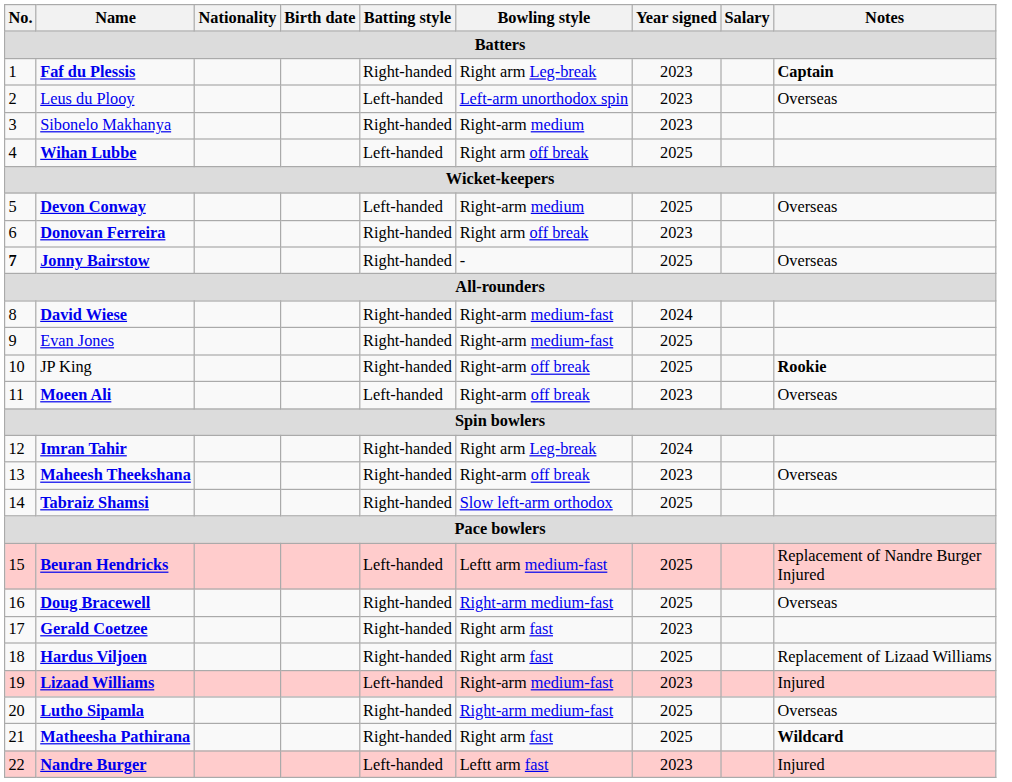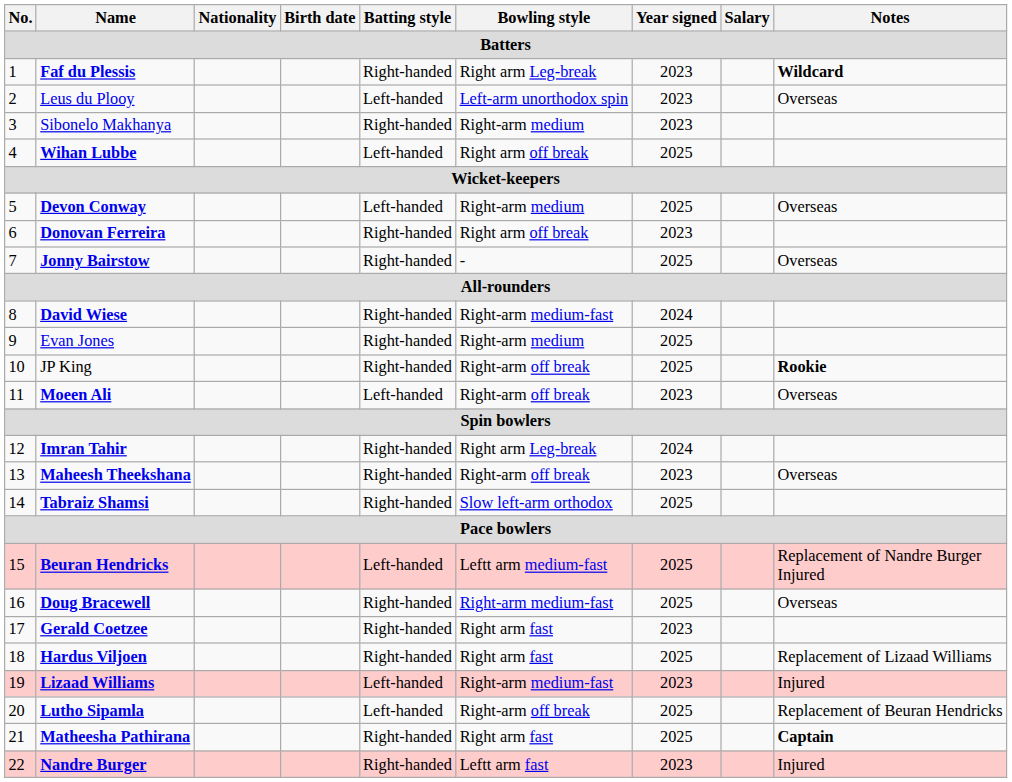 <table class="wikitable" style="font-size:85%">
 <tr>
 <th>No.</th>
 <th>Name</th>
 <th>Nationality</th>
 <th>Birth date</th>
 <th>Batting style</th>
 <th>Bowling style</th>
 <th>Year signed</th>
 <th>Salary</th>
 <th>Notes</th>
 </tr>
 <tr>
 <th colspan="9" style="background:#dcdcdc; text-align:center;">Batters</th>
 </tr>
 <tr>
 <td>1</td>
 <td><strong><a href='#'>Faf du Plessis</a></strong></td>
 <td></td>
 <td></td>
 <td>Right-handed</td>
 <td>Right arm <a href='#'>Leg-break</a></td>
 <td style="text-align:center;">2023</td>
 <td style="text-align:center;"></td>
-<td><strong>Captain</strong></td>
+<td><strong>Wildcard</strong></td>
 </tr>
 <tr>
 <td>2</td>
 <td><a href='#'>Leus du Plooy</a></td>
 <td></td>
 <td></td>
 <td>Left-handed</td>
 <td><a href='#'>Left-arm unorthodox spin</a></td>
 <td style="text-align:center;">2023</td>
 <td style="text-align:center;"></td>
 <td>Overseas</td>
 </tr>
 <tr>
 <td>3</td>
 <td><a href='#'>Sibonelo Makhanya</a></td>
 <td></td>
 <td></td>
 <td>Right-handed</td>
 <td>Right-arm <a href='#'>medium</a></td>
 <td style="text-align:center;">2023</td>
 <td></td>
 <td></td>
 </tr>
 <tr>
 <td>4</td>
 <td><strong><a href='#'>Wihan Lubbe</a></strong></td>
 <td></td>
 <td></td>
 <td>Left-handed</td>
 <td>Right arm <a href='#'>off break</a></td>
 <td style="text-align:center;">2025</td>
 <td style="text-align:center;"></td>
 <td></td>
 </tr>
 <tr>
 <th colspan="9" style="background:#dcdcdc; text-align:center;">Wicket-keepers</th>
 </tr>
 <tr>
 <td>5</td>
 <td><strong><a href='#'>Devon Conway</a></strong></td>
 <td></td>
 <td></td>
 <td>Left-handed</td>
 <td>Right-arm <a href='#'>medium</a></td>
 <td style="text-align:center;">2025</td>
 <td></td>
 <td>Overseas</td>
 </tr>
 <tr>
 <td>6</td>
 <td><strong><a href='#'>Donovan Ferreira</a></strong></td>
 <td></td>
 <td></td>
 <td>Right-handed</td>
 <td>Right arm <a href='#'>off break</a></td>
 <td style="text-align:center;">2023</td>
 <td style="text-align:center;"></td>
 <td></td>
 </tr>
 <tr>
-<td><strong>7</strong></td>
+<td>7</td>
 <td><strong><a href='#'>Jonny Bairstow</a></strong></td>
 <td></td>
 <td></td>
 <td>Right-handed</td>
 <td>-</td>
 <td style="text-align:center;">2025</td>
 <td></td>
 <td>Overseas</td>
 </tr>
 <tr>
 <th colspan="9" style="background:#dcdcdc; text-align:center;">All-rounders</th>
 </tr>
 <tr>
 <td>8</td>
 <td><strong><a href='#'>David Wiese</a></strong></td>
 <td></td>
 <td></td>
 <td>Right-handed</td>
 <td>Right-arm <a href='#'>medium-fast</a></td>
 <td style="text-align:center;">2024</td>
 <td></td>
 <td></td>
 </tr>
 <tr>
 <td>9</td>
 <td><a href='#'>Evan Jones</a></td>
 <td></td>
 <td></td>
 <td>Right-handed</td>
-<td>Right-arm <a href='#'>medium-fast</a></td>
+<td>Right-arm <a href='#'>medium</a></td>
 <td style="text-align:center;">2025</td>
 <td style="text-align:center;"></td>
 <td></td>
 </tr>
 <tr>
 <td>10</td>
 <td>JP King</td>
 <td></td>
 <td></td>
 <td>Right-handed</td>
 <td>Right-arm <a href='#'>off break</a></td>
 <td style="text-align:center;">2025</td>
 <td></td>
 <td><strong>Rookie</strong></td>
 </tr>
 <tr>
 <td>11</td>
 <td><strong><a href='#'>Moeen Ali</a></strong></td>
 <td></td>
 <td></td>
 <td>Left-handed</td>
 <td>Right-arm <a href='#'>off break</a></td>
 <td style="text-align:center;">2023</td>
 <td style="text-align:center;"></td>
 <td>Overseas</td>
 </tr>
 <tr>
 <th colspan="9" style="background:#dcdcdc; text-align:center;">Spin bowlers</th>
 </tr>
 <tr>
 <td>12</td>
 <td><strong><a href='#'>Imran Tahir</a></strong></td>
 <td></td>
 <td></td>
 <td>Right-handed</td>
 <td>Right arm <a href='#'>Leg-break</a></td>
 <td style="text-align:center;">2024</td>
 <td></td>
 <td></td>
 </tr>
 <tr>
 <td>13</td>
 <td><strong><a href='#'>Maheesh Theekshana</a></strong></td>
 <td></td>
 <td></td>
 <td>Right-handed</td>
 <td>Right-arm <a href='#'>off break</a></td>
 <td style="text-align:center;">2023</td>
 <td style="text-align:center;"></td>
 <td>Overseas</td>
 </tr>
 <tr>
 <td>14</td>
 <td><strong><a href='#'>Tabraiz Shamsi</a></strong></td>
 <td></td>
 <td></td>
 <td>Right-handed</td>
 <td><a href='#'>Slow left-arm orthodox</a></td>
 <td style="text-align:center;">2025</td>
 <td style="text-align:center;"></td>
 <td></td>
 </tr>
 <tr>
 <th colspan="9" style="background:#dcdcdc; text-align:center;">Pace bowlers</th>
 </tr>
 <tr style="background:#FFCCCC">
 <td>15</td>
 <td><strong><a href='#'>Beuran Hendricks</a></strong></td>
 <td></td>
 <td></td>
 <td>Left-handed</td>
 <td>Leftt arm <a href='#'>medium-fast</a></td>
 <td style="text-align:center;">2025</td>
 <td></td>
 <td>Replacement of Nandre Burger<br>Injured</td>
 </tr>
 <tr>
 <td>16</td>
 <td><strong><a href='#'>Doug Bracewell</a></strong></td>
 <td></td>
 <td></td>
 <td>Right-handed</td>
 <td><a href='#'>Right-arm medium-fast</a></td>
 <td style="text-align:center;">2025</td>
 <td style="text-align:center;"></td>
 <td>Overseas</td>
 </tr>
 <tr>
 <td>17</td>
 <td><strong><a href='#'>Gerald Coetzee</a></strong></td>
 <td></td>
 <td></td>
 <td>Right-handed</td>
 <td>Right arm <a href='#'>fast</a></td>
 <td style="text-align:center;">2023</td>
 <td></td>
 <td></td>
 </tr>
 <tr>
 <td>18</td>
 <td><strong><a href='#'>Hardus Viljoen</a></strong></td>
 <td></td>
 <td></td>
 <td>Right-handed</td>
 <td>Right arm <a href='#'>fast</a></td>
 <td style="text-align:center;">2025</td>
 <td></td>
 <td>Replacement of Lizaad Williams</td>
 </tr>
 <tr style="background:#FFCCCC">
 <td>19</td>
 <td><strong><a href='#'>Lizaad Williams</a></strong></td>
 <td></td>
 <td></td>
 <td>Left-handed</td>
 <td>Right-arm <a href='#'>medium-fast</a></td>
 <td style="text-align:center;">2023</td>
 <td style="text-align:center;"></td>
 <td>Injured</td>
 </tr>
 <tr>
 <td>20</td>
 <td><strong><a href='#'>Lutho Sipamla</a></strong></td>
 <td></td>
 <td></td>
-<td>Right-handed</td>
-<td><a href='#'>Right-arm medium-fast</a></td>
+<td>Left-handed</td>
+<td>Right-arm <a href='#'>off break</a></td>
 <td style="text-align:center;">2025</td>
 <td></td>
-<td>Overseas</td>
+<td>Replacement of Beuran Hendricks</td>
 </tr>
 <tr>
 <td>21</td>
 <td><strong><a href='#'>Matheesha Pathirana</a></strong></td>
 <td></td>
 <td></td>
 <td>Right-handed</td>
 <td>Right arm <a href='#'>fast</a></td>
 <td style="text-align:center;">2025</td>
 <td></td>
-<td><strong>Wildcard</strong></td>
+<td><strong>Captain</strong></td>
 </tr>
 <tr style="background:#FFCCCC">
 <td>22</td>
 <td><strong><a href='#'>Nandre Burger</a></strong></td>
 <td></td>
 <td></td>
-<td>Left-handed</td>
+<td>Right-handed</td>
 <td>Leftt arm <a href='#'>fast</a></td>
 <td style="text-align:center;">2023</td>
 <td style="text-align:center;"></td>
 <td>Injured</td>
 </tr>
 </table>
